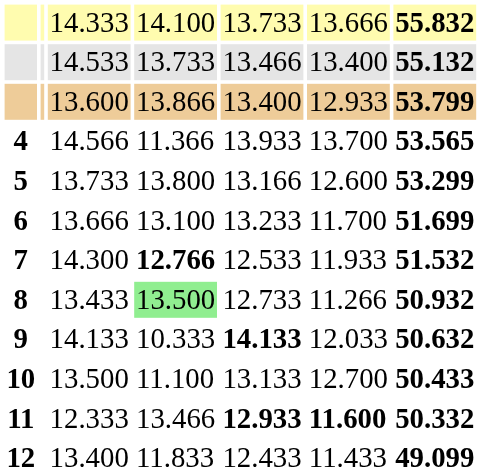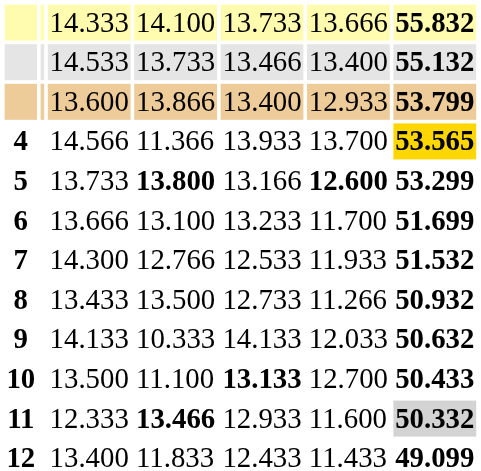 <table>
 <tr style="background:#fffcaf;">
 <th scope=row style="text-align:center"></th>
 <td align=left></td>
 <td>14.333</td>
 <td>14.100</td>
 <td>13.733</td>
 <td>13.666</td>
 <td><strong>55.832</strong></td>
 </tr>
 <tr style="background:#e5e5e5;">
 <th scope=row style="text-align:center"></th>
 <td align=left></td>
 <td>14.533</td>
 <td>13.733</td>
 <td>13.466</td>
 <td>13.400</td>
 <td><strong>55.132</strong></td>
 </tr>
 <tr style="background:#ec9;">
 <th scope=row style="text-align:center"></th>
 <td align=left></td>
 <td>13.600</td>
 <td>13.866</td>
 <td>13.400</td>
 <td>12.933</td>
 <td><strong>53.799</strong></td>
 </tr>
 <tr>
 <th scope=row style="text-align:center">4</th>
 <td align=left></td>
 <td>14.566</td>
 <td>11.366</td>
 <td>13.933</td>
 <td>13.700</td>
-<td><strong>53.565</strong></td>
+<td style="background: gold;"><strong>53.565</strong></td>
 </tr>
 <tr>
 <th scope=row style="text-align:center">5</th>
 <td align=left></td>
 <td>13.733</td>
-<td>13.800</td>
+<td><strong>13.800</strong></td>
 <td>13.166</td>
-<td>12.600</td>
+<td><strong>12.600</strong></td>
 <td><strong>53.299</strong></td>
 </tr>
 <tr>
 <th scope=row style="text-align:center">6</th>
 <td align=left></td>
 <td>13.666</td>
 <td>13.100</td>
 <td>13.233</td>
 <td>11.700</td>
 <td><strong>51.699</strong></td>
 </tr>
 <tr>
 <th scope=row style="text-align:center">7</th>
 <td align=left></td>
 <td>14.300</td>
-<td><strong>12.766</strong></td>
+<td>12.766</td>
 <td>12.533</td>
 <td>11.933</td>
 <td><strong>51.532</strong></td>
 </tr>
 <tr>
 <th scope=row style="text-align:center">8</th>
 <td align=left></td>
 <td>13.433</td>
-<td style="background: lightgreen;">13.500</td>
+<td>13.500</td>
 <td>12.733</td>
 <td>11.266</td>
 <td><strong>50.932</strong></td>
 </tr>
 <tr>
 <th scope=row style="text-align:center">9</th>
 <td align=left></td>
 <td>14.133</td>
 <td>10.333</td>
-<td><strong>14.133</strong></td>
+<td>14.133</td>
 <td>12.033</td>
 <td><strong>50.632</strong></td>
 </tr>
 <tr>
 <th scope=row style="text-align:center">10</th>
 <td align=left></td>
 <td>13.500</td>
 <td>11.100</td>
-<td>13.133</td>
+<td><strong>13.133</strong></td>
 <td>12.700</td>
 <td><strong>50.433</strong></td>
 </tr>
 <tr>
 <th scope=row style="text-align:center">11</th>
 <td align=left></td>
 <td>12.333</td>
-<td>13.466</td>
-<td><strong>12.933</strong></td>
-<td><strong>11.600</strong></td>
-<td><strong>50.332</strong></td>
+<td><strong>13.466</strong></td>
+<td>12.933</td>
+<td>11.600</td>
+<td style="background: lightgrey;"><strong>50.332</strong></td>
 </tr>
 <tr>
 <th scope=row style="text-align:center">12</th>
 <td align=left></td>
 <td>13.400</td>
 <td>11.833</td>
 <td>12.433</td>
 <td>11.433</td>
 <td><strong>49.099</strong></td>
 </tr>
 </table>
